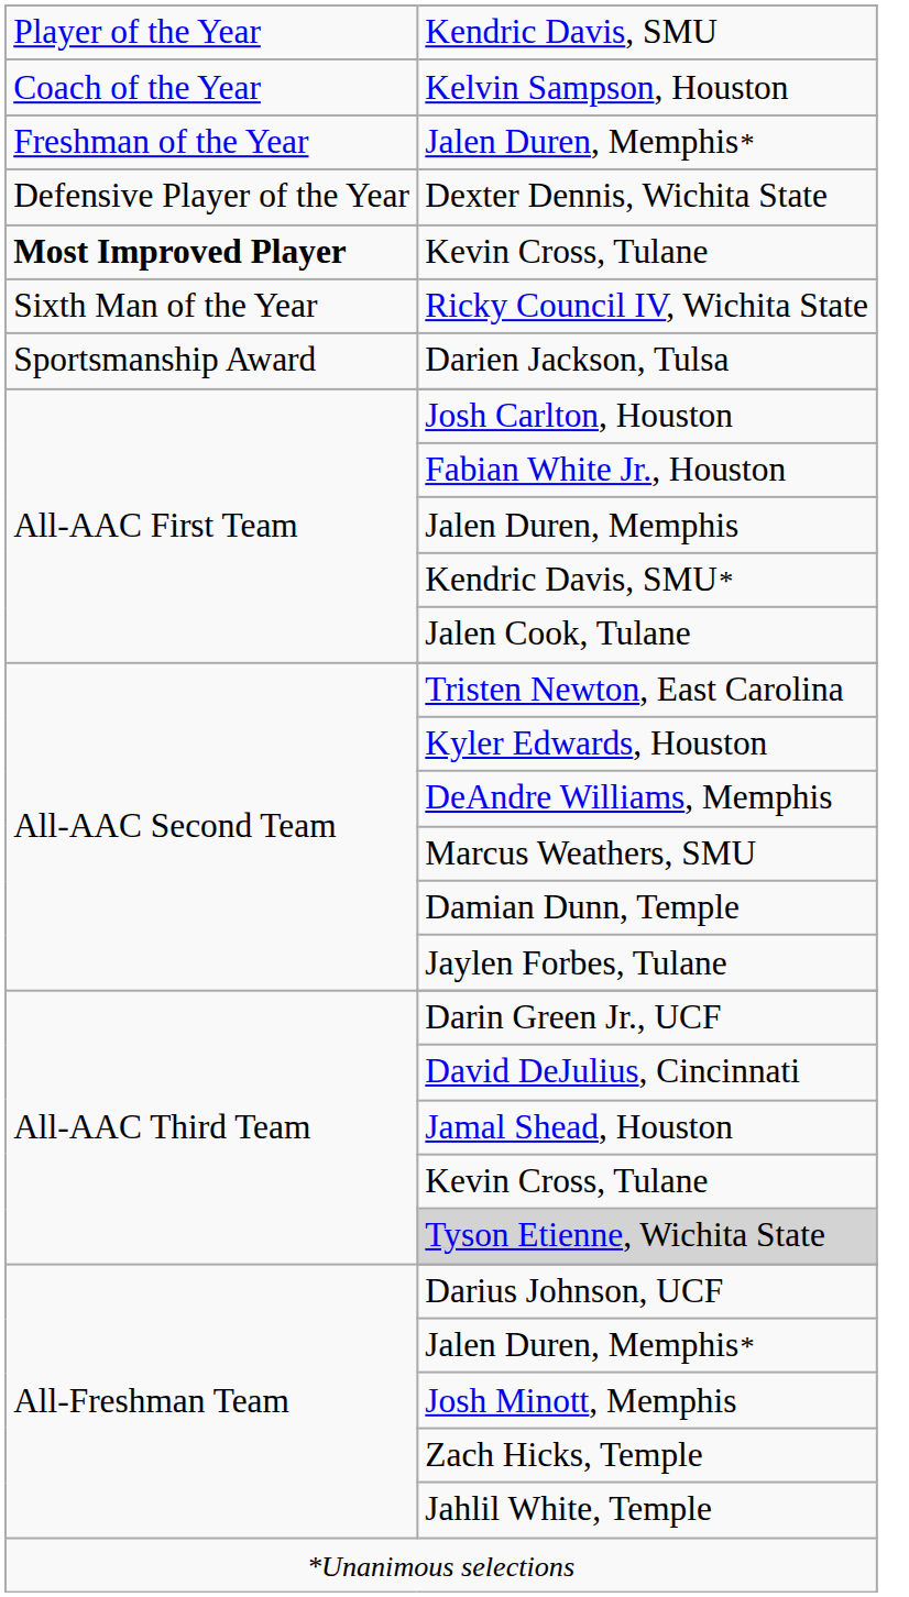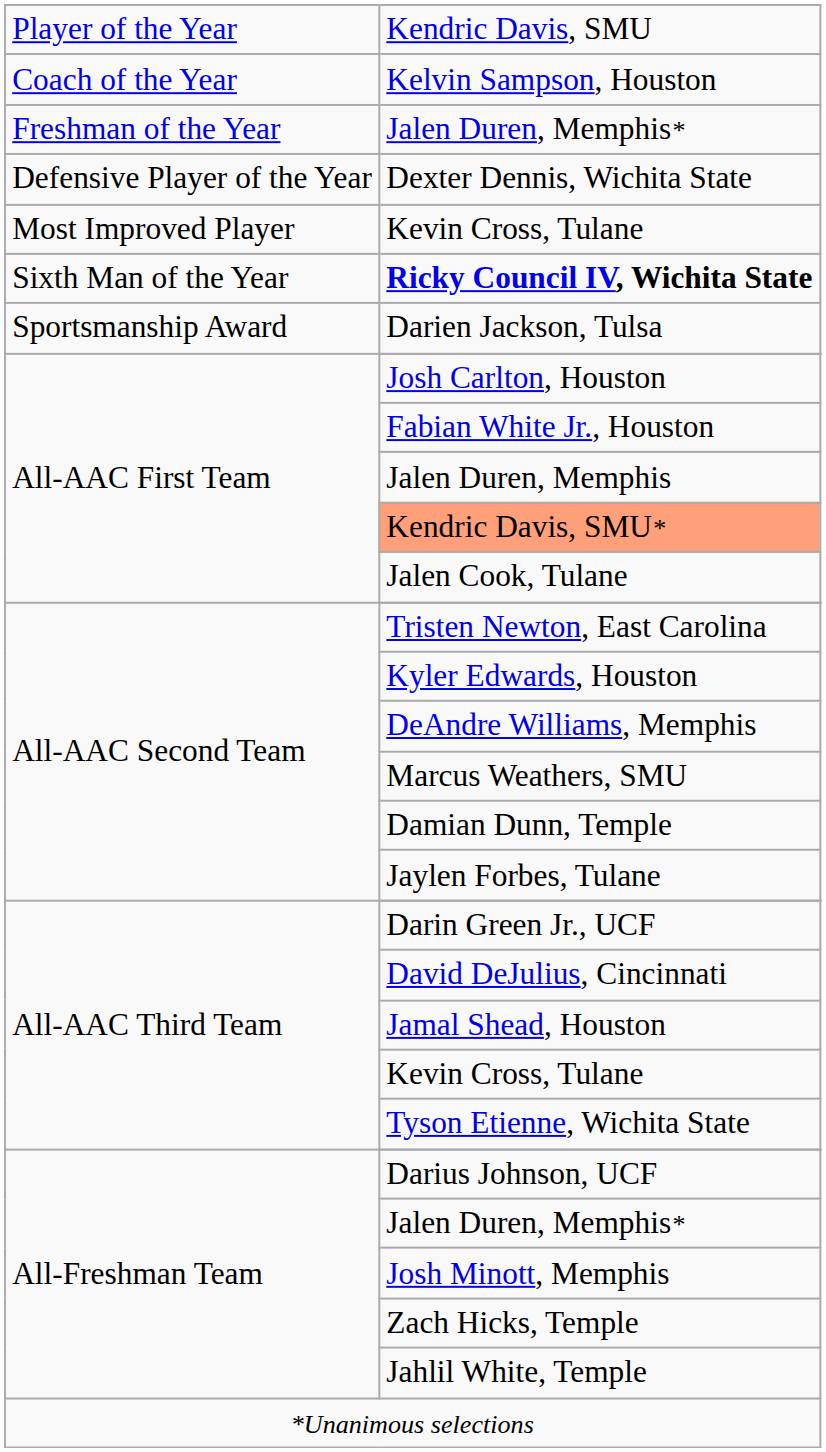 <table class="wikitable">
 <tr>
 <td><a href='#'>Player of the Year</a></td>
 <td><a href='#'>Kendric Davis</a>, SMU</td>
 </tr>
 <tr>
 <td><a href='#'>Coach of the Year</a></td>
 <td><a href='#'>Kelvin Sampson</a>, Houston</td>
 </tr>
 <tr>
 <td><a href='#'>Freshman of the Year</a></td>
 <td><a href='#'>Jalen Duren</a>, Memphis<small><em>*</em></small></td>
 </tr>
 <tr>
 <td>Defensive Player of the Year</td>
 <td>Dexter Dennis, Wichita State</td>
 </tr>
 <tr>
-<td><strong>Most Improved Player</strong></td>
+<td>Most Improved Player</td>
 <td>Kevin Cross, Tulane</td>
 </tr>
 <tr>
 <td>Sixth Man of the Year</td>
-<td><a href='#'>Ricky Council IV</a>, Wichita State</td>
+<td><strong><a href='#'>Ricky Council IV</a>, Wichita State</strong></td>
 </tr>
 <tr>
 <td>Sportsmanship Award</td>
 <td>Darien Jackson, Tulsa</td>
 </tr>
 <tr>
 <td rowspan="6" valign="middle">All-AAC First Team</td>
 </tr>
 <tr>
 <td><a href='#'>Josh Carlton</a>, Houston</td>
 </tr>
 <tr>
 <td><a href='#'>Fabian White Jr.</a>, Houston</td>
 </tr>
 <tr>
 <td>Jalen Duren, Memphis</td>
 </tr>
 <tr>
-<td>Kendric Davis, SMU<small><em>*</em></small></td>
+<td style="background: lightsalmon;">Kendric Davis, SMU<small><em>*</em></small></td>
 </tr>
 <tr>
 <td>Jalen Cook, Tulane</td>
 </tr>
 <tr>
 <td rowspan="7" valign="middle">All-AAC Second Team</td>
 </tr>
 <tr>
 <td><a href='#'>Tristen Newton</a>, East Carolina</td>
 </tr>
 <tr>
 <td><a href='#'>Kyler Edwards</a>, Houston</td>
 </tr>
 <tr>
 <td><a href='#'>DeAndre Williams</a>, Memphis</td>
 </tr>
 <tr>
 <td>Marcus Weathers, SMU</td>
 </tr>
 <tr>
 <td>Damian Dunn, Temple</td>
 </tr>
 <tr>
 <td>Jaylen Forbes, Tulane</td>
 </tr>
 <tr>
 <td rowspan="6" valign="middle">All-AAC Third Team</td>
 </tr>
 <tr>
 <td>Darin Green Jr., UCF</td>
 </tr>
 <tr>
 <td><a href='#'>David DeJulius</a>, Cincinnati</td>
 </tr>
 <tr>
 <td><a href='#'>Jamal Shead</a>, Houston</td>
 </tr>
 <tr>
 <td>Kevin Cross, Tulane</td>
 </tr>
 <tr>
-<td style="background: lightgrey;"><a href='#'>Tyson Etienne</a>, Wichita State</td>
+<td><a href='#'>Tyson Etienne</a>, Wichita State</td>
 </tr>
 <tr>
 <td rowspan="6" valign="middle">All-Freshman Team</td>
 </tr>
 <tr>
 <td>Darius Johnson, UCF</td>
 </tr>
 <tr>
 <td>Jalen Duren, Memphis<small><em>*</em></small></td>
 </tr>
 <tr>
 <td><a href='#'>Josh Minott</a>, Memphis</td>
 </tr>
 <tr>
 <td>Zach Hicks, Temple</td>
 </tr>
 <tr>
 <td>Jahlil White, Temple</td>
 </tr>
 <tr>
 <td colspan="3" align="center"><small><em>*Unanimous selections</em></small></td>
 </tr>
 </table>
